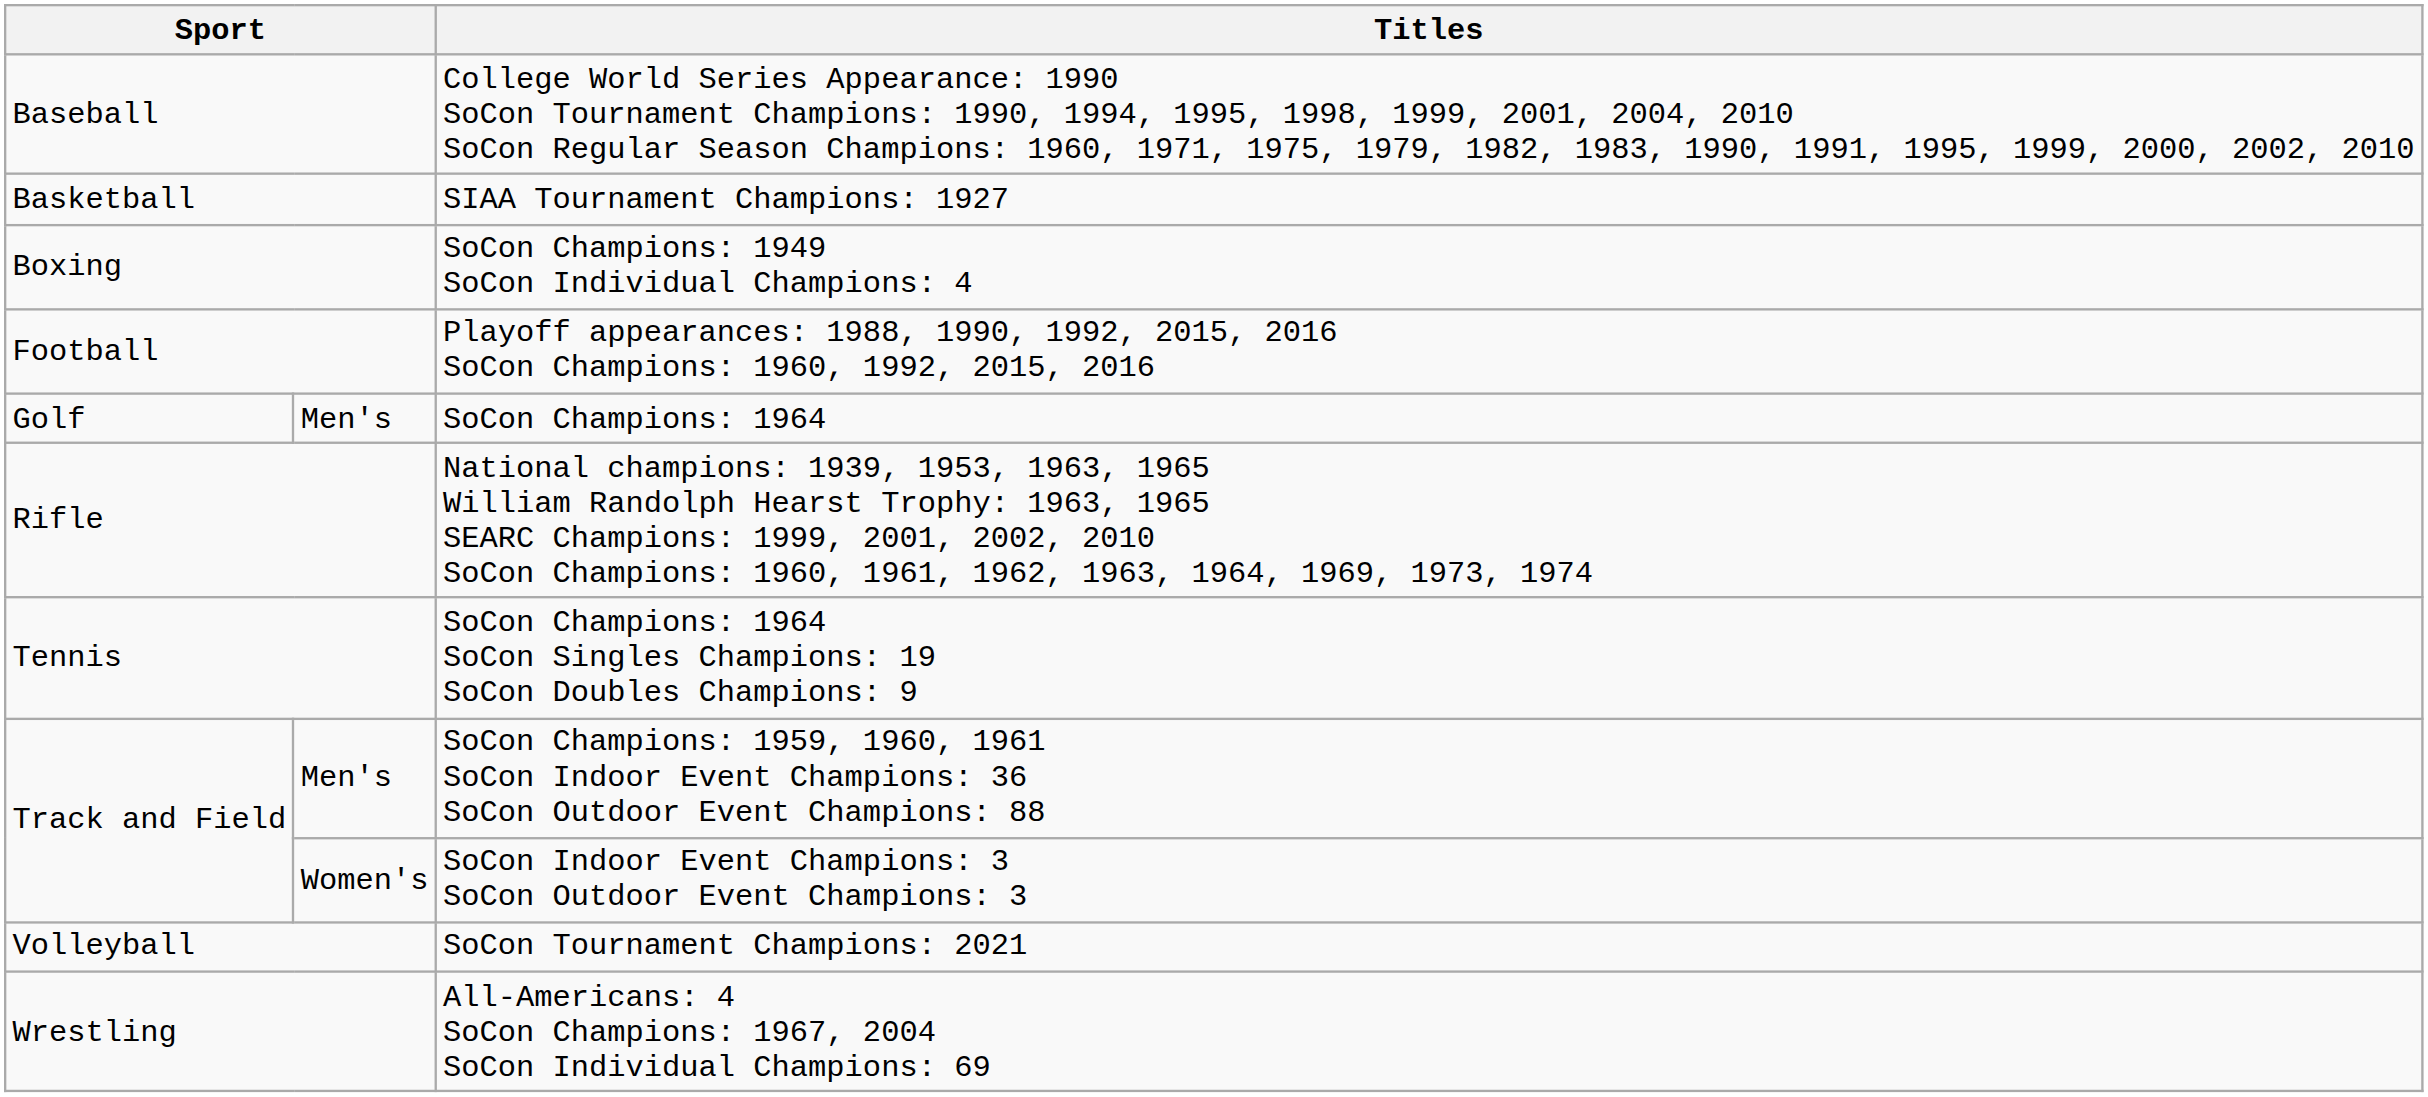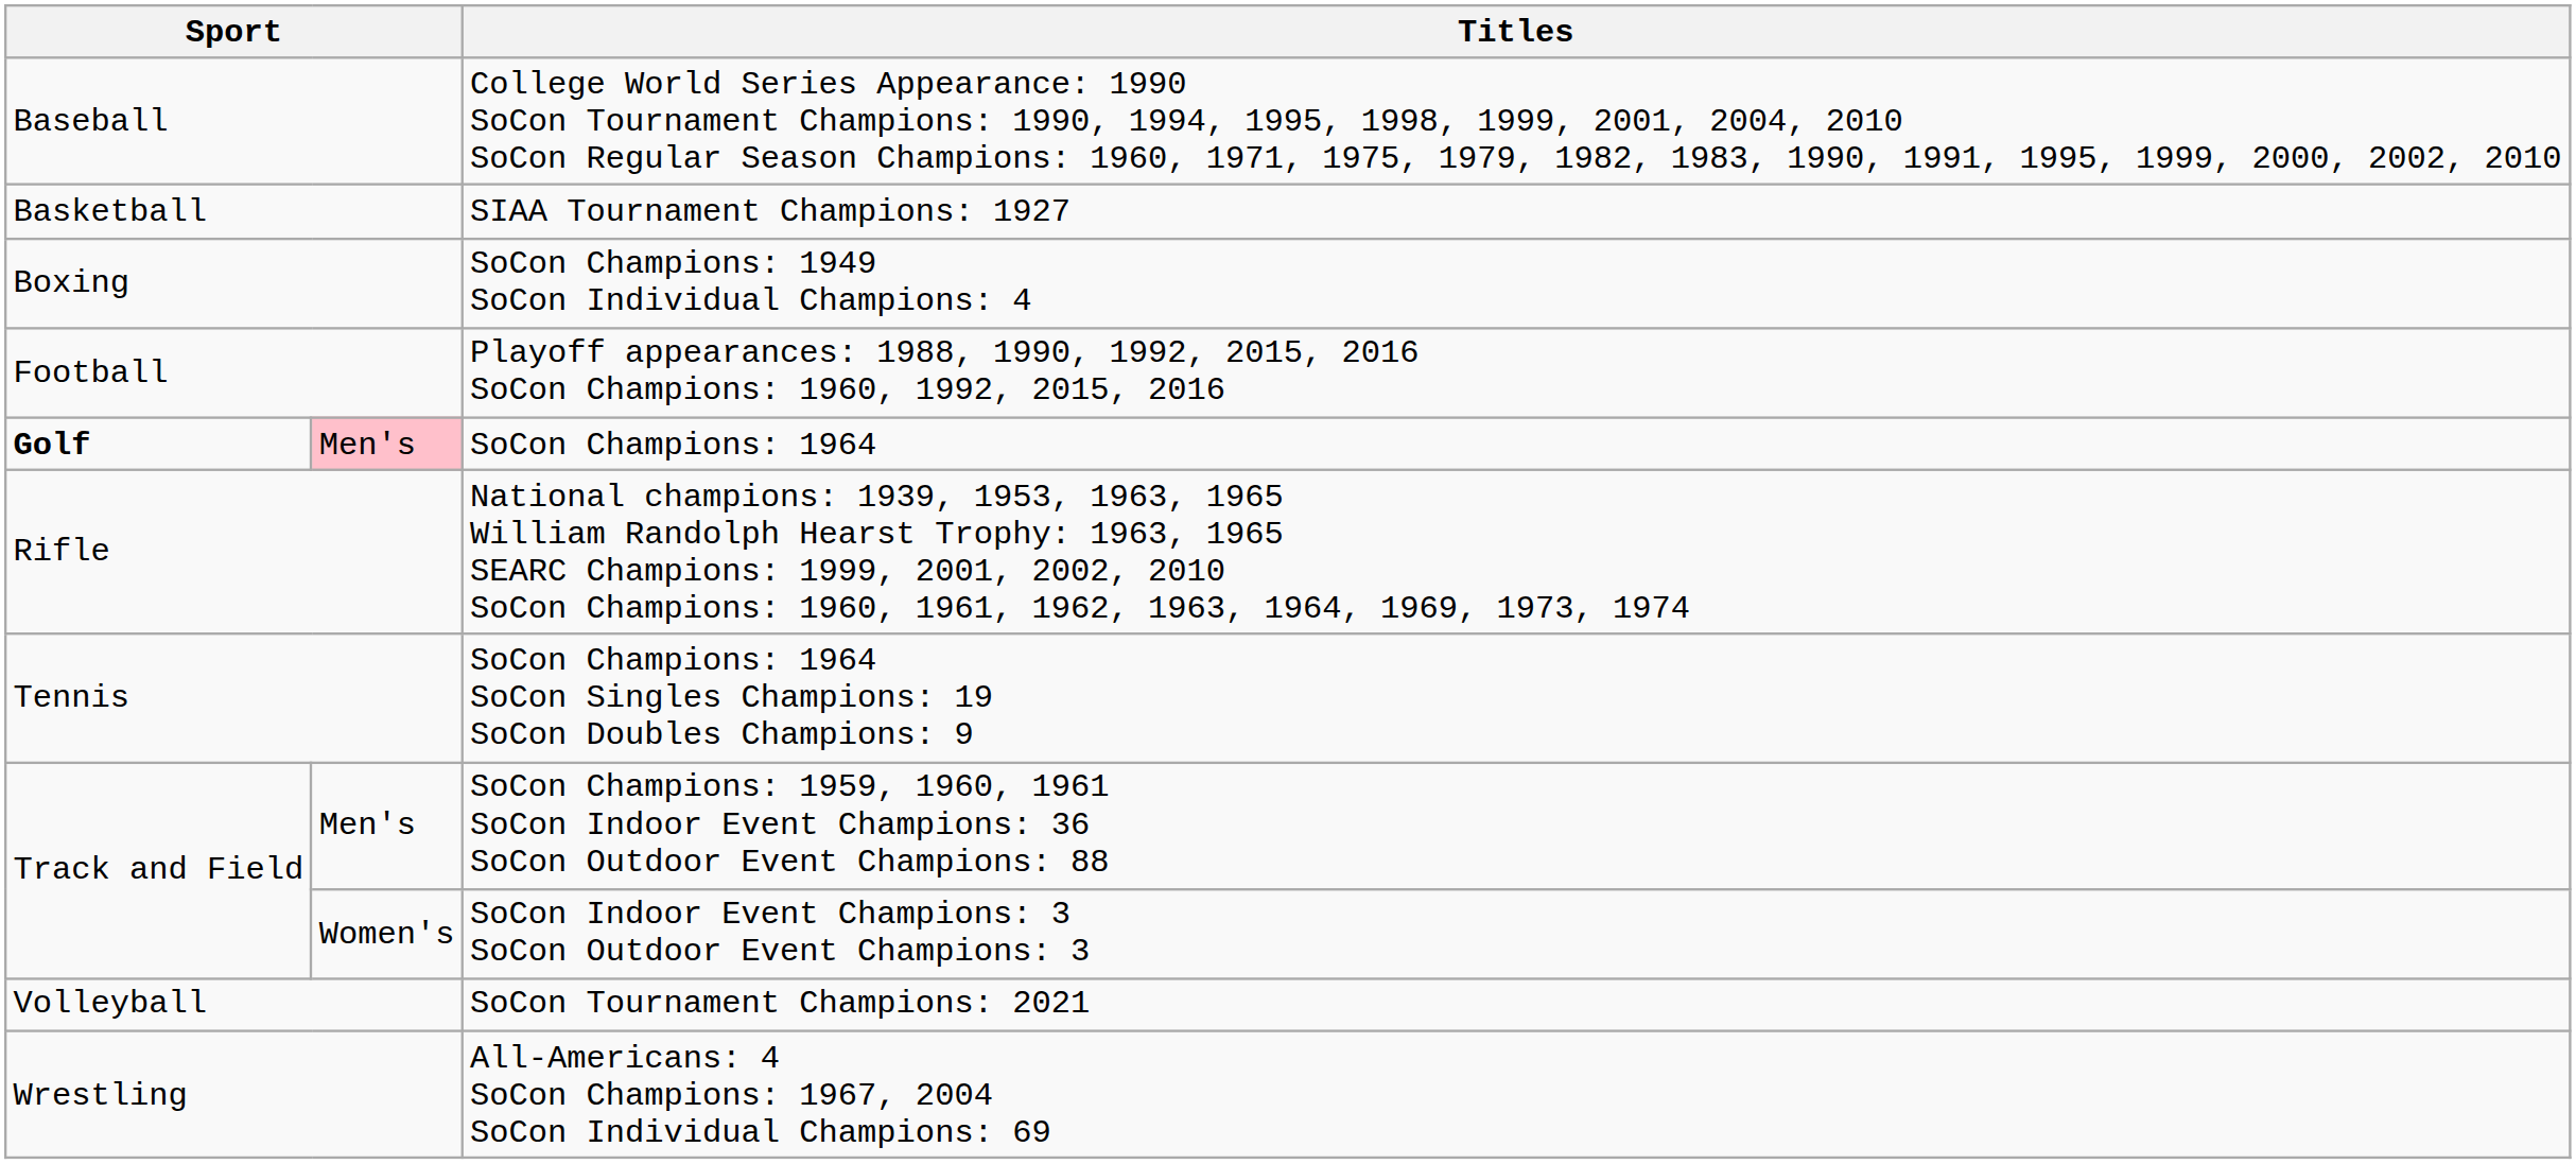 <table class="wikitable" align="center" border="1">
 <tr>
 <th colspan=2>Sport</th>
 <th>Titles</th>
 </tr>
 <tr>
 <td colspan=2>Baseball</td>
 <td>College World Series Appearance: 1990<br>SoCon Tournament Champions: 1990, 1994, 1995, 1998, 1999, 2001, 2004, 2010<br>SoCon Regular Season Champions: 1960, 1971, 1975, 1979, 1982, 1983, 1990, 1991, 1995, 1999, 2000, 2002, 2010</td>
 </tr>
 <tr>
 <td colspan=2>Basketball</td>
 <td>SIAA Tournament Champions: 1927</td>
 </tr>
 <tr>
 <td colspan=2>Boxing</td>
 <td>SoCon Champions: 1949<br>SoCon Individual Champions: 4</td>
 </tr>
 <tr>
 <td colspan=2>Football</td>
 <td>Playoff appearances: 1988, 1990, 1992, 2015, 2016<br>SoCon Champions: 1960, 1992, 2015, 2016</td>
 </tr>
 <tr>
-<td>Golf</td>
-<td>Men's</td>
+<td><strong>Golf</strong></td>
+<td style="background: pink;">Men's</td>
 <td>SoCon Champions: 1964</td>
 </tr>
 <tr>
 <td colspan=2>Rifle</td>
 <td>National champions: 1939, 1953, 1963, 1965<br>William Randolph Hearst Trophy: 1963, 1965<br>SEARC Champions: 1999, 2001, 2002, 2010<br>SoCon Champions: 1960, 1961, 1962, 1963, 1964, 1969, 1973, 1974</td>
 </tr>
 <tr>
 <td colspan=2>Tennis</td>
 <td>SoCon Champions: 1964<br>SoCon Singles Champions: 19<br>SoCon Doubles Champions: 9</td>
 </tr>
 <tr>
 <td rowspan=2>Track and Field</td>
 <td>Men's</td>
 <td>SoCon Champions: 1959, 1960, 1961<br>SoCon Indoor Event Champions: 36<br>SoCon Outdoor Event Champions: 88</td>
 </tr>
 <tr>
 <td>Women's</td>
 <td>SoCon Indoor Event Champions: 3<br>SoCon Outdoor Event Champions: 3</td>
 </tr>
 <tr>
 <td colspan=2>Volleyball</td>
 <td>SoCon Tournament Champions: 2021</td>
 </tr>
 <tr>
 <td colspan=2>Wrestling</td>
 <td>All-Americans: 4<br>SoCon Champions: 1967, 2004<br>SoCon Individual Champions: 69</td>
 </tr>
 </table>
